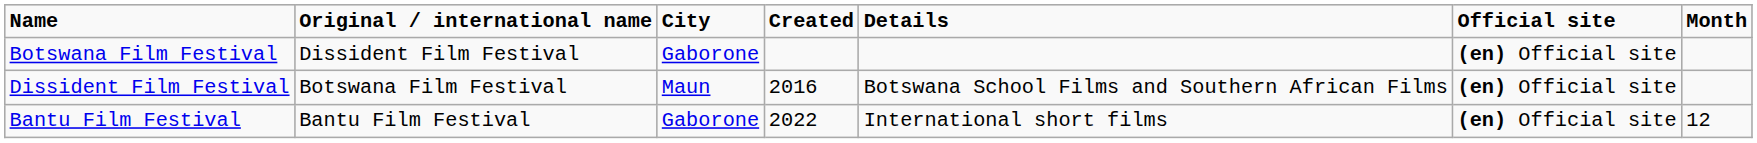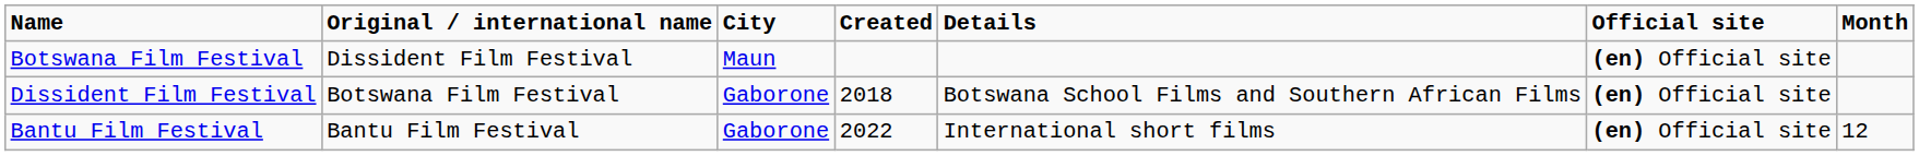 <table class="wikitable">
 <tr>
 <td><strong>Name</strong></td>
 <td><strong>Original / international name</strong></td>
 <td><strong>City</strong></td>
 <td><strong>Created</strong></td>
 <td><strong>Details</strong></td>
 <td><strong>Official site</strong></td>
 <td><strong>Month</strong></td>
 </tr>
 <tr>
 <td><a href='#'>Botswana Film Festival</a></td>
 <td>Dissident Film Festival</td>
-<td><a href='#'>Gaborone</a></td>
+<td><a href='#'>Maun</a></td>
 <td></td>
 <td></td>
 <td><strong>(en)</strong> Official site</td>
 <td></td>
 </tr>
 <tr>
 <td><a href='#'>Dissident Film Festival</a></td>
 <td>Botswana Film Festival</td>
-<td><a href='#'>Maun</a></td>
-<td>2016</td>
+<td><a href='#'>Gaborone</a></td>
+<td>2018</td>
 <td>Botswana School Films and Southern African Films</td>
 <td><strong>(en)</strong> Official site</td>
 <td></td>
 </tr>
 <tr>
 <td><a href='#'>Bantu Film Festival</a></td>
 <td>Bantu Film Festival</td>
 <td><a href='#'>Gaborone</a></td>
 <td>2022</td>
 <td>International short films</td>
 <td><strong>(en)</strong> Official site</td>
 <td>12</td>
 </tr>
 </table>
